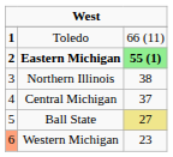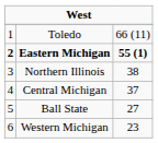 <table class="wikitable" style="display: inline-table;">
 <tr align="center">
 <td align="center" Colspan="3"><strong>West</strong></td>
 </tr>
 <tr align="center">
 </tr>
 <tr align="center">
-<td><strong>1</strong></td>
+<td>1</td>
 <td>Toledo</td>
 <td>66 (11)</td>
 </tr>
 <tr align="center">
 <td><strong>2</strong></td>
 <td><strong>Eastern Michigan</strong></td>
-<td style="background: lightgreen;"><strong>55 (1)</strong></td>
+<td><strong>55 (1)</strong></td>
 </tr>
 <tr align="center">
 <td>3</td>
 <td>Northern Illinois</td>
 <td>38</td>
 </tr>
 <tr align="center">
 <td>4</td>
 <td>Central Michigan</td>
 <td>37</td>
 </tr>
 <tr align="center">
 <td>5</td>
 <td>Ball State</td>
-<td style="background: khaki;">27</td>
+<td>27</td>
 </tr>
 <tr align="center">
-<td style="background: lightsalmon;">6</td>
+<td>6</td>
 <td>Western Michigan</td>
 <td>23</td>
 </tr>
 </table>
